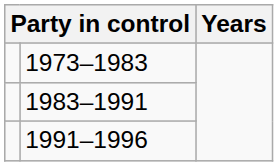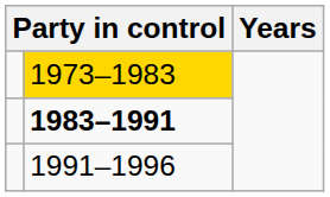 <table class="wikitable">
 <tr>
 <th colspan="2">Party in control</th>
 <th>Years</th>
 </tr>
 <tr>
 <td></td>
-<td>1973–1983</td>
+<td style="background: gold;">1973–1983</td>
 </tr>
 <tr>
 <td></td>
-<td>1983–1991</td>
+<td><strong>1983–1991</strong></td>
 </tr>
 <tr>
 <td></td>
 <td>1991–1996</td>
 </tr>
 </table>
